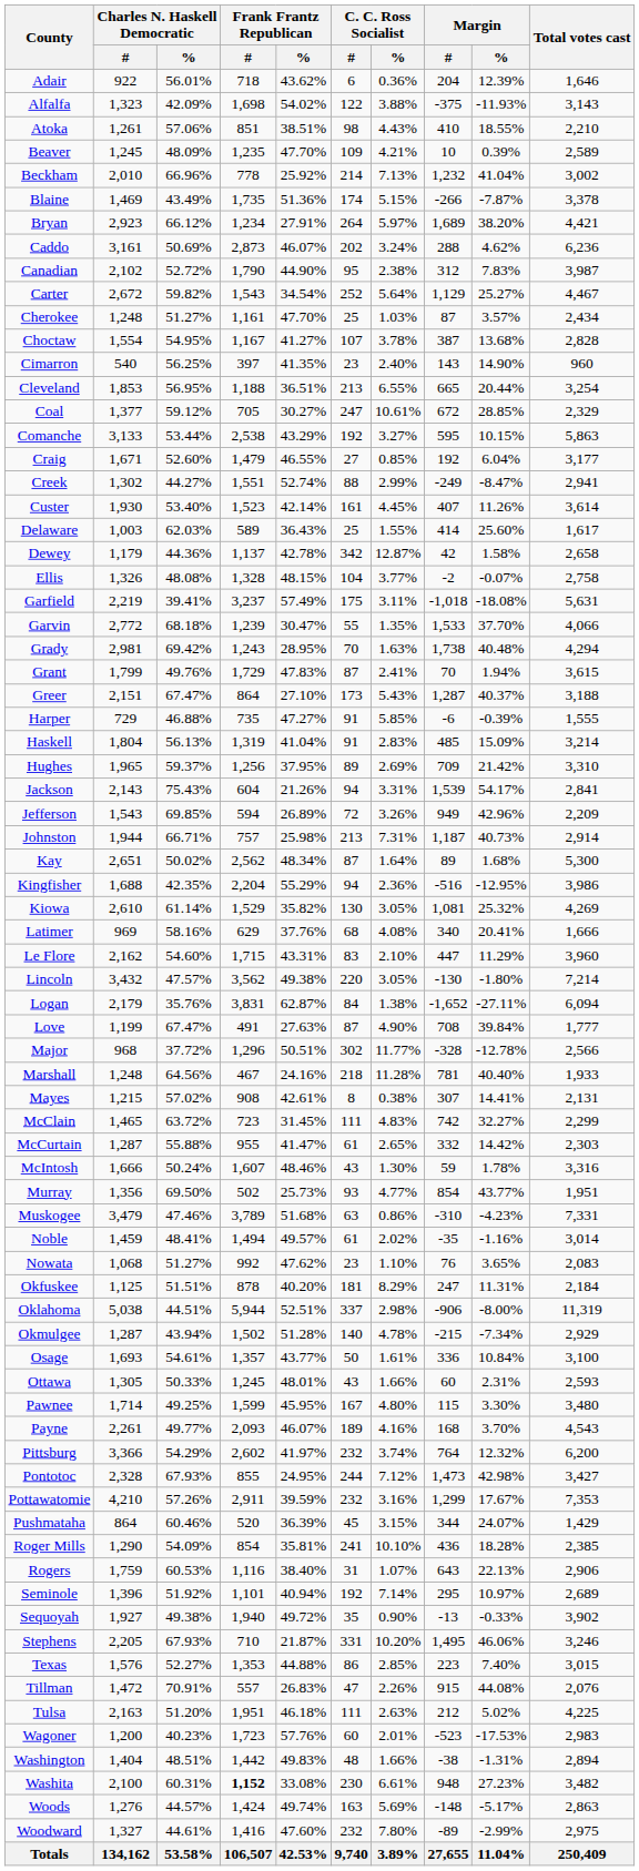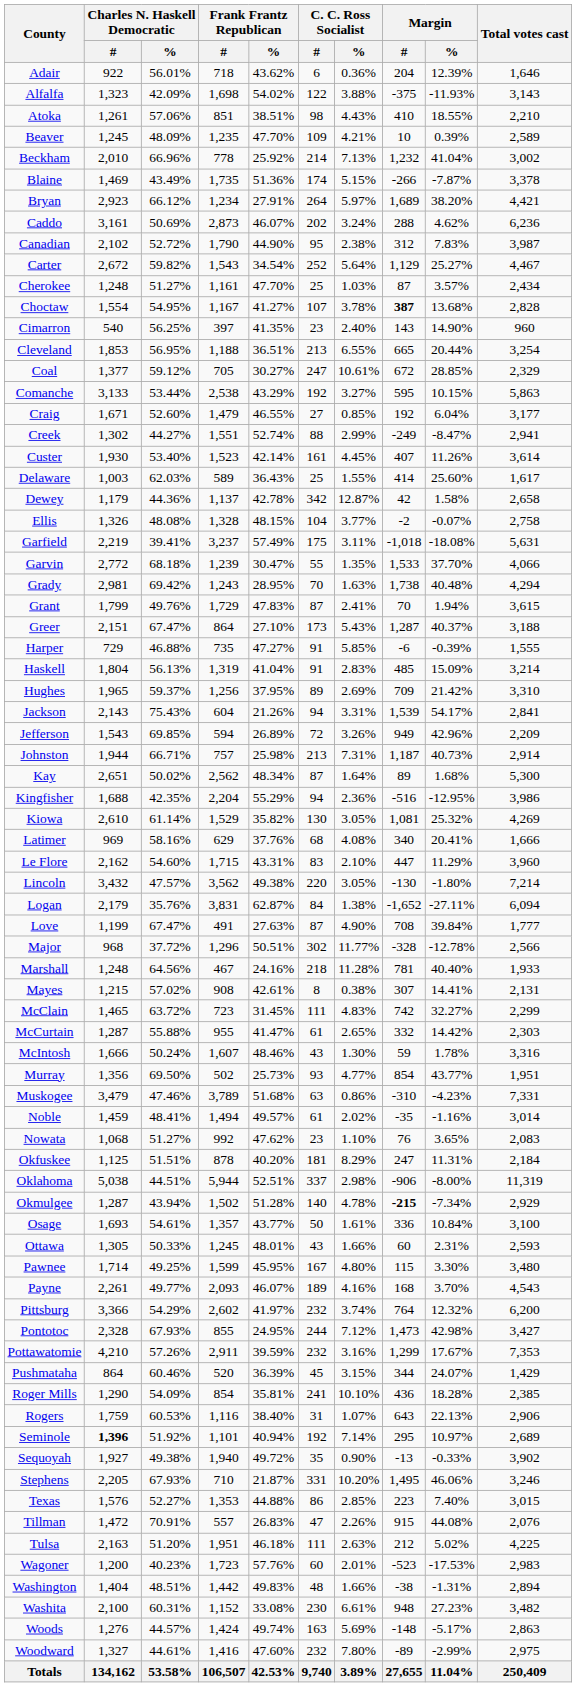 <table class="wikitable sortable" style="text-align:center">
 <tr>
 <th rowspan="2" style="text-align:center;">County</th>
 <th colspan="2" style="text-align:center;">Charles N. Haskell<br>Democratic</th>
 <th colspan="2" style="text-align:center;">Frank Frantz<br>Republican</th>
 <th colspan="2" style="text-align:center;">C. C. Ross<br>Socialist</th>
 <th colspan="2" style="text-align:center;">Margin</th>
 <th rowspan="2" style="text-align:center;">Total votes cast</th>
 </tr>
 <tr>
 <th style="text-align:center;" data-sort-type="number">#</th>
 <th style="text-align:center;" data-sort-type="number">%</th>
 <th style="text-align:center;" data-sort-type="number">#</th>
 <th style="text-align:center;" data-sort-type="number">%</th>
 <th style="text-align:center;" data-sort-type="number">#</th>
 <th style="text-align:center;" data-sort-type="number">%</th>
 <th style="text-align:center;" data-sort-type="number">#</th>
 <th style="text-align:center;" data-sort-type="number">%</th>
 </tr>
 <tr style="text-align:center;">
 <td><a href='#'>Adair</a></td>
 <td>922</td>
 <td>56.01%</td>
 <td>718</td>
 <td>43.62%</td>
 <td>6</td>
 <td>0.36%</td>
 <td>204</td>
 <td>12.39%</td>
 <td>1,646</td>
 </tr>
 <tr style="text-align:center;">
 <td><a href='#'>Alfalfa</a></td>
 <td>1,323</td>
 <td>42.09%</td>
 <td>1,698</td>
 <td>54.02%</td>
 <td>122</td>
 <td>3.88%</td>
 <td>-375</td>
 <td>-11.93%</td>
 <td>3,143</td>
 </tr>
 <tr style="text-align:center;">
 <td><a href='#'>Atoka</a></td>
 <td>1,261</td>
 <td>57.06%</td>
 <td>851</td>
 <td>38.51%</td>
 <td>98</td>
 <td>4.43%</td>
 <td>410</td>
 <td>18.55%</td>
 <td>2,210</td>
 </tr>
 <tr style="text-align:center;">
 <td><a href='#'>Beaver</a></td>
 <td>1,245</td>
 <td>48.09%</td>
 <td>1,235</td>
 <td>47.70%</td>
 <td>109</td>
 <td>4.21%</td>
 <td>10</td>
 <td>0.39%</td>
 <td>2,589</td>
 </tr>
 <tr style="text-align:center;">
 <td><a href='#'>Beckham</a></td>
 <td>2,010</td>
 <td>66.96%</td>
 <td>778</td>
 <td>25.92%</td>
 <td>214</td>
 <td>7.13%</td>
 <td>1,232</td>
 <td>41.04%</td>
 <td>3,002</td>
 </tr>
 <tr style="text-align:center;">
 <td><a href='#'>Blaine</a></td>
 <td>1,469</td>
 <td>43.49%</td>
 <td>1,735</td>
 <td>51.36%</td>
 <td>174</td>
 <td>5.15%</td>
 <td>-266</td>
 <td>-7.87%</td>
 <td>3,378</td>
 </tr>
 <tr style="text-align:center;">
 <td><a href='#'>Bryan</a></td>
 <td>2,923</td>
 <td>66.12%</td>
 <td>1,234</td>
 <td>27.91%</td>
 <td>264</td>
 <td>5.97%</td>
 <td>1,689</td>
 <td>38.20%</td>
 <td>4,421</td>
 </tr>
 <tr style="text-align:center;">
 <td><a href='#'>Caddo</a></td>
 <td>3,161</td>
 <td>50.69%</td>
 <td>2,873</td>
 <td>46.07%</td>
 <td>202</td>
 <td>3.24%</td>
 <td>288</td>
 <td>4.62%</td>
 <td>6,236</td>
 </tr>
 <tr style="text-align:center;">
 <td><a href='#'>Canadian</a></td>
 <td>2,102</td>
 <td>52.72%</td>
 <td>1,790</td>
 <td>44.90%</td>
 <td>95</td>
 <td>2.38%</td>
 <td>312</td>
 <td>7.83%</td>
 <td>3,987</td>
 </tr>
 <tr style="text-align:center;">
 <td><a href='#'>Carter</a></td>
 <td>2,672</td>
 <td>59.82%</td>
 <td>1,543</td>
 <td>34.54%</td>
 <td>252</td>
 <td>5.64%</td>
 <td>1,129</td>
 <td>25.27%</td>
 <td>4,467</td>
 </tr>
 <tr style="text-align:center;">
 <td><a href='#'>Cherokee</a></td>
 <td>1,248</td>
 <td>51.27%</td>
 <td>1,161</td>
 <td>47.70%</td>
 <td>25</td>
 <td>1.03%</td>
 <td>87</td>
 <td>3.57%</td>
 <td>2,434</td>
 </tr>
 <tr style="text-align:center;">
 <td><a href='#'>Choctaw</a></td>
 <td>1,554</td>
 <td>54.95%</td>
 <td>1,167</td>
 <td>41.27%</td>
 <td>107</td>
 <td>3.78%</td>
-<td>387</td>
+<td><strong>387</strong></td>
 <td>13.68%</td>
 <td>2,828</td>
 </tr>
 <tr style="text-align:center;">
 <td><a href='#'>Cimarron</a></td>
 <td>540</td>
 <td>56.25%</td>
 <td>397</td>
 <td>41.35%</td>
 <td>23</td>
 <td>2.40%</td>
 <td>143</td>
 <td>14.90%</td>
 <td>960</td>
 </tr>
 <tr style="text-align:center;">
 <td><a href='#'>Cleveland</a></td>
 <td>1,853</td>
 <td>56.95%</td>
 <td>1,188</td>
 <td>36.51%</td>
 <td>213</td>
 <td>6.55%</td>
 <td>665</td>
 <td>20.44%</td>
 <td>3,254</td>
 </tr>
 <tr style="text-align:center;">
 <td><a href='#'>Coal</a></td>
 <td>1,377</td>
 <td>59.12%</td>
 <td>705</td>
 <td>30.27%</td>
 <td>247</td>
 <td>10.61%</td>
 <td>672</td>
 <td>28.85%</td>
 <td>2,329</td>
 </tr>
 <tr style="text-align:center;">
 <td><a href='#'>Comanche</a></td>
 <td>3,133</td>
 <td>53.44%</td>
 <td>2,538</td>
 <td>43.29%</td>
 <td>192</td>
 <td>3.27%</td>
 <td>595</td>
 <td>10.15%</td>
 <td>5,863</td>
 </tr>
 <tr style="text-align:center;">
 <td><a href='#'>Craig</a></td>
 <td>1,671</td>
 <td>52.60%</td>
 <td>1,479</td>
 <td>46.55%</td>
 <td>27</td>
 <td>0.85%</td>
 <td>192</td>
 <td>6.04%</td>
 <td>3,177</td>
 </tr>
 <tr style="text-align:center;">
 <td><a href='#'>Creek</a></td>
 <td>1,302</td>
 <td>44.27%</td>
 <td>1,551</td>
 <td>52.74%</td>
 <td>88</td>
 <td>2.99%</td>
 <td>-249</td>
 <td>-8.47%</td>
 <td>2,941</td>
 </tr>
 <tr style="text-align:center;">
 <td><a href='#'>Custer</a></td>
 <td>1,930</td>
 <td>53.40%</td>
 <td>1,523</td>
 <td>42.14%</td>
 <td>161</td>
 <td>4.45%</td>
 <td>407</td>
 <td>11.26%</td>
 <td>3,614</td>
 </tr>
 <tr style="text-align:center;">
 <td><a href='#'>Delaware</a></td>
 <td>1,003</td>
 <td>62.03%</td>
 <td>589</td>
 <td>36.43%</td>
 <td>25</td>
 <td>1.55%</td>
 <td>414</td>
 <td>25.60%</td>
 <td>1,617</td>
 </tr>
 <tr style="text-align:center;">
 <td><a href='#'>Dewey</a></td>
 <td>1,179</td>
 <td>44.36%</td>
 <td>1,137</td>
 <td>42.78%</td>
 <td>342</td>
 <td>12.87%</td>
 <td>42</td>
 <td>1.58%</td>
 <td>2,658</td>
 </tr>
 <tr style="text-align:center;">
 <td><a href='#'>Ellis</a></td>
 <td>1,326</td>
 <td>48.08%</td>
 <td>1,328</td>
 <td>48.15%</td>
 <td>104</td>
 <td>3.77%</td>
 <td>-2</td>
 <td>-0.07%</td>
 <td>2,758</td>
 </tr>
 <tr style="text-align:center;">
 <td><a href='#'>Garfield</a></td>
 <td>2,219</td>
 <td>39.41%</td>
 <td>3,237</td>
 <td>57.49%</td>
 <td>175</td>
 <td>3.11%</td>
 <td>-1,018</td>
 <td>-18.08%</td>
 <td>5,631</td>
 </tr>
 <tr style="text-align:center;">
 <td><a href='#'>Garvin</a></td>
 <td>2,772</td>
 <td>68.18%</td>
 <td>1,239</td>
 <td>30.47%</td>
 <td>55</td>
 <td>1.35%</td>
 <td>1,533</td>
 <td>37.70%</td>
 <td>4,066</td>
 </tr>
 <tr style="text-align:center;">
 <td><a href='#'>Grady</a></td>
 <td>2,981</td>
 <td>69.42%</td>
 <td>1,243</td>
 <td>28.95%</td>
 <td>70</td>
 <td>1.63%</td>
 <td>1,738</td>
 <td>40.48%</td>
 <td>4,294</td>
 </tr>
 <tr style="text-align:center;">
 <td><a href='#'>Grant</a></td>
 <td>1,799</td>
 <td>49.76%</td>
 <td>1,729</td>
 <td>47.83%</td>
 <td>87</td>
 <td>2.41%</td>
 <td>70</td>
 <td>1.94%</td>
 <td>3,615</td>
 </tr>
 <tr style="text-align:center;">
 <td><a href='#'>Greer</a></td>
 <td>2,151</td>
 <td>67.47%</td>
 <td>864</td>
 <td>27.10%</td>
 <td>173</td>
 <td>5.43%</td>
 <td>1,287</td>
 <td>40.37%</td>
 <td>3,188</td>
 </tr>
 <tr style="text-align:center;">
 <td><a href='#'>Harper</a></td>
 <td>729</td>
 <td>46.88%</td>
 <td>735</td>
 <td>47.27%</td>
 <td>91</td>
 <td>5.85%</td>
 <td>-6</td>
 <td>-0.39%</td>
 <td>1,555</td>
 </tr>
 <tr style="text-align:center;">
 <td><a href='#'>Haskell</a></td>
 <td>1,804</td>
 <td>56.13%</td>
 <td>1,319</td>
 <td>41.04%</td>
 <td>91</td>
 <td>2.83%</td>
 <td>485</td>
 <td>15.09%</td>
 <td>3,214</td>
 </tr>
 <tr style="text-align:center;">
 <td><a href='#'>Hughes</a></td>
 <td>1,965</td>
 <td>59.37%</td>
 <td>1,256</td>
 <td>37.95%</td>
 <td>89</td>
 <td>2.69%</td>
 <td>709</td>
 <td>21.42%</td>
 <td>3,310</td>
 </tr>
 <tr style="text-align:center;">
 <td><a href='#'>Jackson</a></td>
 <td>2,143</td>
 <td>75.43%</td>
 <td>604</td>
 <td>21.26%</td>
 <td>94</td>
 <td>3.31%</td>
 <td>1,539</td>
 <td>54.17%</td>
 <td>2,841</td>
 </tr>
 <tr style="text-align:center;">
 <td><a href='#'>Jefferson</a></td>
 <td>1,543</td>
 <td>69.85%</td>
 <td>594</td>
 <td>26.89%</td>
 <td>72</td>
 <td>3.26%</td>
 <td>949</td>
 <td>42.96%</td>
 <td>2,209</td>
 </tr>
 <tr style="text-align:center;">
 <td><a href='#'>Johnston</a></td>
 <td>1,944</td>
 <td>66.71%</td>
 <td>757</td>
 <td>25.98%</td>
 <td>213</td>
 <td>7.31%</td>
 <td>1,187</td>
 <td>40.73%</td>
 <td>2,914</td>
 </tr>
 <tr style="text-align:center;">
 <td><a href='#'>Kay</a></td>
 <td>2,651</td>
 <td>50.02%</td>
 <td>2,562</td>
 <td>48.34%</td>
 <td>87</td>
 <td>1.64%</td>
 <td>89</td>
 <td>1.68%</td>
 <td>5,300</td>
 </tr>
 <tr style="text-align:center;">
 <td><a href='#'>Kingfisher</a></td>
 <td>1,688</td>
 <td>42.35%</td>
 <td>2,204</td>
 <td>55.29%</td>
 <td>94</td>
 <td>2.36%</td>
 <td>-516</td>
 <td>-12.95%</td>
 <td>3,986</td>
 </tr>
 <tr style="text-align:center;">
 <td><a href='#'>Kiowa</a></td>
 <td>2,610</td>
 <td>61.14%</td>
 <td>1,529</td>
 <td>35.82%</td>
 <td>130</td>
 <td>3.05%</td>
 <td>1,081</td>
 <td>25.32%</td>
 <td>4,269</td>
 </tr>
 <tr style="text-align:center;">
 <td><a href='#'>Latimer</a></td>
 <td>969</td>
 <td>58.16%</td>
 <td>629</td>
 <td>37.76%</td>
 <td>68</td>
 <td>4.08%</td>
 <td>340</td>
 <td>20.41%</td>
 <td>1,666</td>
 </tr>
 <tr style="text-align:center;">
 <td><a href='#'>Le Flore</a></td>
 <td>2,162</td>
 <td>54.60%</td>
 <td>1,715</td>
 <td>43.31%</td>
 <td>83</td>
 <td>2.10%</td>
 <td>447</td>
 <td>11.29%</td>
 <td>3,960</td>
 </tr>
 <tr style="text-align:center;">
 <td><a href='#'>Lincoln</a></td>
 <td>3,432</td>
 <td>47.57%</td>
 <td>3,562</td>
 <td>49.38%</td>
 <td>220</td>
 <td>3.05%</td>
 <td>-130</td>
 <td>-1.80%</td>
 <td>7,214</td>
 </tr>
 <tr style="text-align:center;">
 <td><a href='#'>Logan</a></td>
 <td>2,179</td>
 <td>35.76%</td>
 <td>3,831</td>
 <td>62.87%</td>
 <td>84</td>
 <td>1.38%</td>
 <td>-1,652</td>
 <td>-27.11%</td>
 <td>6,094</td>
 </tr>
 <tr style="text-align:center;">
 <td><a href='#'>Love</a></td>
 <td>1,199</td>
 <td>67.47%</td>
 <td>491</td>
 <td>27.63%</td>
 <td>87</td>
 <td>4.90%</td>
 <td>708</td>
 <td>39.84%</td>
 <td>1,777</td>
 </tr>
 <tr style="text-align:center;">
 <td><a href='#'>Major</a></td>
 <td>968</td>
 <td>37.72%</td>
 <td>1,296</td>
 <td>50.51%</td>
 <td>302</td>
 <td>11.77%</td>
 <td>-328</td>
 <td>-12.78%</td>
 <td>2,566</td>
 </tr>
 <tr style="text-align:center;">
 <td><a href='#'>Marshall</a></td>
 <td>1,248</td>
 <td>64.56%</td>
 <td>467</td>
 <td>24.16%</td>
 <td>218</td>
 <td>11.28%</td>
 <td>781</td>
 <td>40.40%</td>
 <td>1,933</td>
 </tr>
 <tr style="text-align:center;">
 <td><a href='#'>Mayes</a></td>
 <td>1,215</td>
 <td>57.02%</td>
 <td>908</td>
 <td>42.61%</td>
 <td>8</td>
 <td>0.38%</td>
 <td>307</td>
 <td>14.41%</td>
 <td>2,131</td>
 </tr>
 <tr style="text-align:center;">
 <td><a href='#'>McClain</a></td>
 <td>1,465</td>
 <td>63.72%</td>
 <td>723</td>
 <td>31.45%</td>
 <td>111</td>
 <td>4.83%</td>
 <td>742</td>
 <td>32.27%</td>
 <td>2,299</td>
 </tr>
 <tr style="text-align:center;">
 <td><a href='#'>McCurtain</a></td>
 <td>1,287</td>
 <td>55.88%</td>
 <td>955</td>
 <td>41.47%</td>
 <td>61</td>
 <td>2.65%</td>
 <td>332</td>
 <td>14.42%</td>
 <td>2,303</td>
 </tr>
 <tr style="text-align:center;">
 <td><a href='#'>McIntosh</a></td>
 <td>1,666</td>
 <td>50.24%</td>
 <td>1,607</td>
 <td>48.46%</td>
 <td>43</td>
 <td>1.30%</td>
 <td>59</td>
 <td>1.78%</td>
 <td>3,316</td>
 </tr>
 <tr style="text-align:center;">
 <td><a href='#'>Murray</a></td>
 <td>1,356</td>
 <td>69.50%</td>
 <td>502</td>
 <td>25.73%</td>
 <td>93</td>
 <td>4.77%</td>
 <td>854</td>
 <td>43.77%</td>
 <td>1,951</td>
 </tr>
 <tr style="text-align:center;">
 <td><a href='#'>Muskogee</a></td>
 <td>3,479</td>
 <td>47.46%</td>
 <td>3,789</td>
 <td>51.68%</td>
 <td>63</td>
 <td>0.86%</td>
 <td>-310</td>
 <td>-4.23%</td>
 <td>7,331</td>
 </tr>
 <tr style="text-align:center;">
 <td><a href='#'>Noble</a></td>
 <td>1,459</td>
 <td>48.41%</td>
 <td>1,494</td>
 <td>49.57%</td>
 <td>61</td>
 <td>2.02%</td>
 <td>-35</td>
 <td>-1.16%</td>
 <td>3,014</td>
 </tr>
 <tr style="text-align:center;">
 <td><a href='#'>Nowata</a></td>
 <td>1,068</td>
 <td>51.27%</td>
 <td>992</td>
 <td>47.62%</td>
 <td>23</td>
 <td>1.10%</td>
 <td>76</td>
 <td>3.65%</td>
 <td>2,083</td>
 </tr>
 <tr style="text-align:center;">
 <td><a href='#'>Okfuskee</a></td>
 <td>1,125</td>
 <td>51.51%</td>
 <td>878</td>
 <td>40.20%</td>
 <td>181</td>
 <td>8.29%</td>
 <td>247</td>
 <td>11.31%</td>
 <td>2,184</td>
 </tr>
 <tr style="text-align:center;">
 <td><a href='#'>Oklahoma</a></td>
 <td>5,038</td>
 <td>44.51%</td>
 <td>5,944</td>
 <td>52.51%</td>
 <td>337</td>
 <td>2.98%</td>
 <td>-906</td>
 <td>-8.00%</td>
 <td>11,319</td>
 </tr>
 <tr style="text-align:center;">
 <td><a href='#'>Okmulgee</a></td>
 <td>1,287</td>
 <td>43.94%</td>
 <td>1,502</td>
 <td>51.28%</td>
 <td>140</td>
 <td>4.78%</td>
-<td>-215</td>
+<td><strong>-215</strong></td>
 <td>-7.34%</td>
 <td>2,929</td>
 </tr>
 <tr style="text-align:center;">
 <td><a href='#'>Osage</a></td>
 <td>1,693</td>
 <td>54.61%</td>
 <td>1,357</td>
 <td>43.77%</td>
 <td>50</td>
 <td>1.61%</td>
 <td>336</td>
 <td>10.84%</td>
 <td>3,100</td>
 </tr>
 <tr style="text-align:center;">
 <td><a href='#'>Ottawa</a></td>
 <td>1,305</td>
 <td>50.33%</td>
 <td>1,245</td>
 <td>48.01%</td>
 <td>43</td>
 <td>1.66%</td>
 <td>60</td>
 <td>2.31%</td>
 <td>2,593</td>
 </tr>
 <tr style="text-align:center;">
 <td><a href='#'>Pawnee</a></td>
 <td>1,714</td>
 <td>49.25%</td>
 <td>1,599</td>
 <td>45.95%</td>
 <td>167</td>
 <td>4.80%</td>
 <td>115</td>
 <td>3.30%</td>
 <td>3,480</td>
 </tr>
 <tr style="text-align:center;">
 <td><a href='#'>Payne</a></td>
 <td>2,261</td>
 <td>49.77%</td>
 <td>2,093</td>
 <td>46.07%</td>
 <td>189</td>
 <td>4.16%</td>
 <td>168</td>
 <td>3.70%</td>
 <td>4,543</td>
 </tr>
 <tr style="text-align:center;">
 <td><a href='#'>Pittsburg</a></td>
 <td>3,366</td>
 <td>54.29%</td>
 <td>2,602</td>
 <td>41.97%</td>
 <td>232</td>
 <td>3.74%</td>
 <td>764</td>
 <td>12.32%</td>
 <td>6,200</td>
 </tr>
 <tr style="text-align:center;">
 <td><a href='#'>Pontotoc</a></td>
 <td>2,328</td>
 <td>67.93%</td>
 <td>855</td>
 <td>24.95%</td>
 <td>244</td>
 <td>7.12%</td>
 <td>1,473</td>
 <td>42.98%</td>
 <td>3,427</td>
 </tr>
 <tr style="text-align:center;">
 <td><a href='#'>Pottawatomie</a></td>
 <td>4,210</td>
 <td>57.26%</td>
 <td>2,911</td>
 <td>39.59%</td>
 <td>232</td>
 <td>3.16%</td>
 <td>1,299</td>
 <td>17.67%</td>
 <td>7,353</td>
 </tr>
 <tr style="text-align:center;">
 <td><a href='#'>Pushmataha</a></td>
 <td>864</td>
 <td>60.46%</td>
 <td>520</td>
 <td>36.39%</td>
 <td>45</td>
 <td>3.15%</td>
 <td>344</td>
 <td>24.07%</td>
 <td>1,429</td>
 </tr>
 <tr style="text-align:center;">
 <td><a href='#'>Roger Mills</a></td>
 <td>1,290</td>
 <td>54.09%</td>
 <td>854</td>
 <td>35.81%</td>
 <td>241</td>
 <td>10.10%</td>
 <td>436</td>
 <td>18.28%</td>
 <td>2,385</td>
 </tr>
 <tr style="text-align:center;">
 <td><a href='#'>Rogers</a></td>
 <td>1,759</td>
 <td>60.53%</td>
 <td>1,116</td>
 <td>38.40%</td>
 <td>31</td>
 <td>1.07%</td>
 <td>643</td>
 <td>22.13%</td>
 <td>2,906</td>
 </tr>
 <tr style="text-align:center;">
 <td><a href='#'>Seminole</a></td>
-<td>1,396</td>
+<td><strong>1,396</strong></td>
 <td>51.92%</td>
 <td>1,101</td>
 <td>40.94%</td>
 <td>192</td>
 <td>7.14%</td>
 <td>295</td>
 <td>10.97%</td>
 <td>2,689</td>
 </tr>
 <tr style="text-align:center;">
 <td><a href='#'>Sequoyah</a></td>
 <td>1,927</td>
 <td>49.38%</td>
 <td>1,940</td>
 <td>49.72%</td>
 <td>35</td>
 <td>0.90%</td>
 <td>-13</td>
 <td>-0.33%</td>
 <td>3,902</td>
 </tr>
 <tr style="text-align:center;">
 <td><a href='#'>Stephens</a></td>
 <td>2,205</td>
 <td>67.93%</td>
 <td>710</td>
 <td>21.87%</td>
 <td>331</td>
 <td>10.20%</td>
 <td>1,495</td>
 <td>46.06%</td>
 <td>3,246</td>
 </tr>
 <tr style="text-align:center;">
 <td><a href='#'>Texas</a></td>
 <td>1,576</td>
 <td>52.27%</td>
 <td>1,353</td>
 <td>44.88%</td>
 <td>86</td>
 <td>2.85%</td>
 <td>223</td>
 <td>7.40%</td>
 <td>3,015</td>
 </tr>
 <tr style="text-align:center;">
 <td><a href='#'>Tillman</a></td>
 <td>1,472</td>
 <td>70.91%</td>
 <td>557</td>
 <td>26.83%</td>
 <td>47</td>
 <td>2.26%</td>
 <td>915</td>
 <td>44.08%</td>
 <td>2,076</td>
 </tr>
 <tr style="text-align:center;">
 <td><a href='#'>Tulsa</a></td>
 <td>2,163</td>
 <td>51.20%</td>
 <td>1,951</td>
 <td>46.18%</td>
 <td>111</td>
 <td>2.63%</td>
 <td>212</td>
 <td>5.02%</td>
 <td>4,225</td>
 </tr>
 <tr style="text-align:center;">
 <td><a href='#'>Wagoner</a></td>
 <td>1,200</td>
 <td>40.23%</td>
 <td>1,723</td>
 <td>57.76%</td>
 <td>60</td>
 <td>2.01%</td>
 <td>-523</td>
 <td>-17.53%</td>
 <td>2,983</td>
 </tr>
 <tr style="text-align:center;">
 <td><a href='#'>Washington</a></td>
 <td>1,404</td>
 <td>48.51%</td>
 <td>1,442</td>
 <td>49.83%</td>
 <td>48</td>
 <td>1.66%</td>
 <td>-38</td>
 <td>-1.31%</td>
 <td>2,894</td>
 </tr>
 <tr style="text-align:center;">
 <td><a href='#'>Washita</a></td>
 <td>2,100</td>
 <td>60.31%</td>
-<td><strong>1,152</strong></td>
+<td>1,152</td>
 <td>33.08%</td>
 <td>230</td>
 <td>6.61%</td>
 <td>948</td>
 <td>27.23%</td>
 <td>3,482</td>
 </tr>
 <tr style="text-align:center;">
 <td><a href='#'>Woods</a></td>
 <td>1,276</td>
 <td>44.57%</td>
 <td>1,424</td>
 <td>49.74%</td>
 <td>163</td>
 <td>5.69%</td>
 <td>-148</td>
 <td>-5.17%</td>
 <td>2,863</td>
 </tr>
 <tr style="text-align:center;">
 <td><a href='#'>Woodward</a></td>
 <td>1,327</td>
 <td>44.61%</td>
 <td>1,416</td>
 <td>47.60%</td>
 <td>232</td>
 <td>7.80%</td>
 <td>-89</td>
 <td>-2.99%</td>
 <td>2,975</td>
 </tr>
 <tr style="text-align:center;">
 <th>Totals</th>
 <th>134,162</th>
 <th>53.58%</th>
 <th>106,507</th>
 <th>42.53%</th>
 <th>9,740</th>
 <th>3.89%</th>
 <th>27,655</th>
 <th>11.04%</th>
 <th>250,409</th>
 </tr>
 </table>
